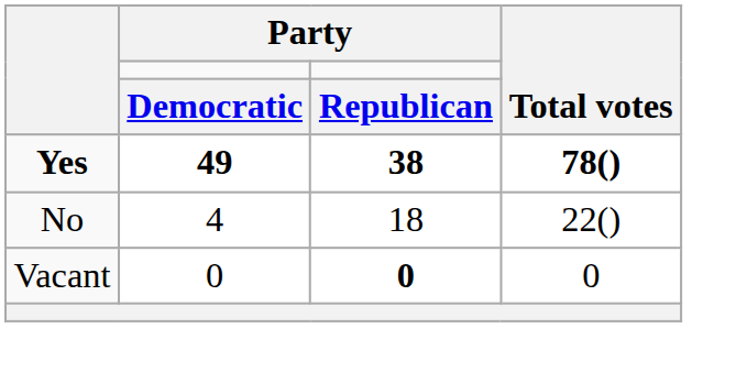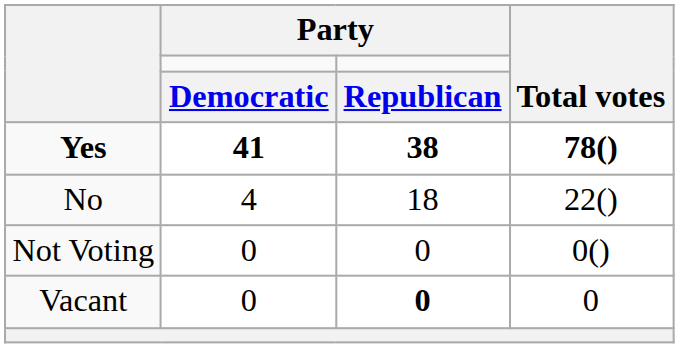 <table class=wikitable style="text-align:center">
 <tr style="vertical-align:bottom;">
 <th rowspan=3></th>
 <th colspan=2>Party</th>
 <th rowspan=3>Total votes</th>
 </tr>
 <tr style="height:5px">
 <td style="background-color:"></td>
 <td style="background-color:"></td>
 </tr>
 <tr style="vertical-align:bottom;">
 <th><a href='#'>Democratic</a></th>
 <th><a href='#'>Republican</a></th>
 </tr>
 <tr>
 <td><strong>Yes</strong></td>
-<td style="background:#fff;"><strong>49</strong></td>
+<td style="background:#fff;"><strong>41</strong></td>
 <td style="background:#fff;"><strong>38</strong></td>
 <td style="background:#fff;"><strong>78()</strong></td>
 </tr>
 <tr>
 <td>No</td>
 <td style="background:#fff;">4</td>
 <td style="background:#fff;">18</td>
 <td style="background:#fff;">22()</td>
+</tr>
+<tr>
+<td>Not Voting</td>
+<td style="background:#fff;">0</td>
+<td style="background:#fff;">0</td>
+<td style="background:#fff;">0()</td>
 </tr>
 <tr>
 <td>Vacant</td>
 <td style="background:#fff;">0</td>
 <td style="background:#fff;"><strong>0</strong></td>
 <td style="background:#fff;">0</td>
 </tr>
 <tr>
 <th colspan=4 style="text-align:left;"></th>
 </tr>
 </table>
